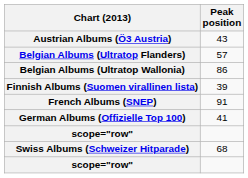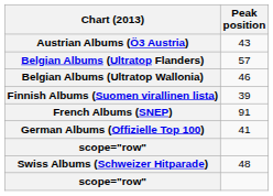 <table class="wikitable sortable plainrowheaders" style="text-align:center">
 <tr>
 <th scope="col">Chart (2013)</th>
 <th scope="col">Peak<br>position</th>
 </tr>
 <tr>
 <th scope="row">Austrian Albums (<a href='#'>Ö3 Austria</a>)</th>
 <td align="center">43</td>
 </tr>
 <tr>
 <th scope="row"><a href='#'>Belgian Albums</a> (<a href='#'>Ultratop</a> Flanders)</th>
 <td align="center">57</td>
 </tr>
 <tr>
 <th scope="row">Belgian Albums (Ultratop Wallonia)</th>
-<td align="center">86</td>
+<td align="center">46</td>
 </tr>
 <tr>
 <th scope="row">Finnish Albums (<a href='#'>Suomen virallinen lista</a>)</th>
 <td align="center">39</td>
 </tr>
 <tr>
 <th scope="row">French Albums (<a href='#'>SNEP</a>)</th>
 <td align="center">91</td>
 </tr>
 <tr>
 <th scope="row">German Albums (<a href='#'>Offizielle Top 100</a>)</th>
 <td align="center">41</td>
 </tr>
 <tr>
 <th>scope="row" </th>
 </tr>
 <tr>
 <th scope="row">Swiss Albums (<a href='#'>Schweizer Hitparade</a>)</th>
-<td align="center">68</td>
+<td align="center">48</td>
 </tr>
 <tr>
 <th>scope="row" </th>
 </tr>
 </table>
